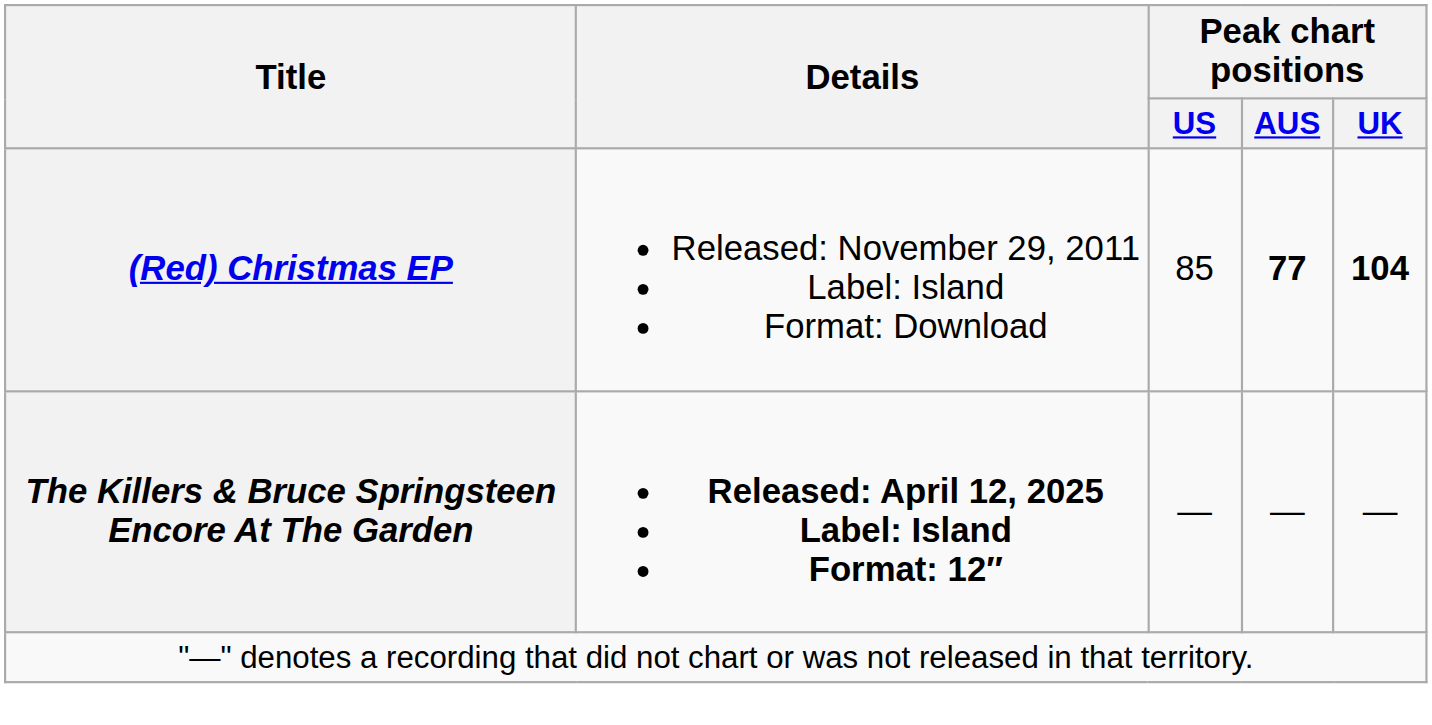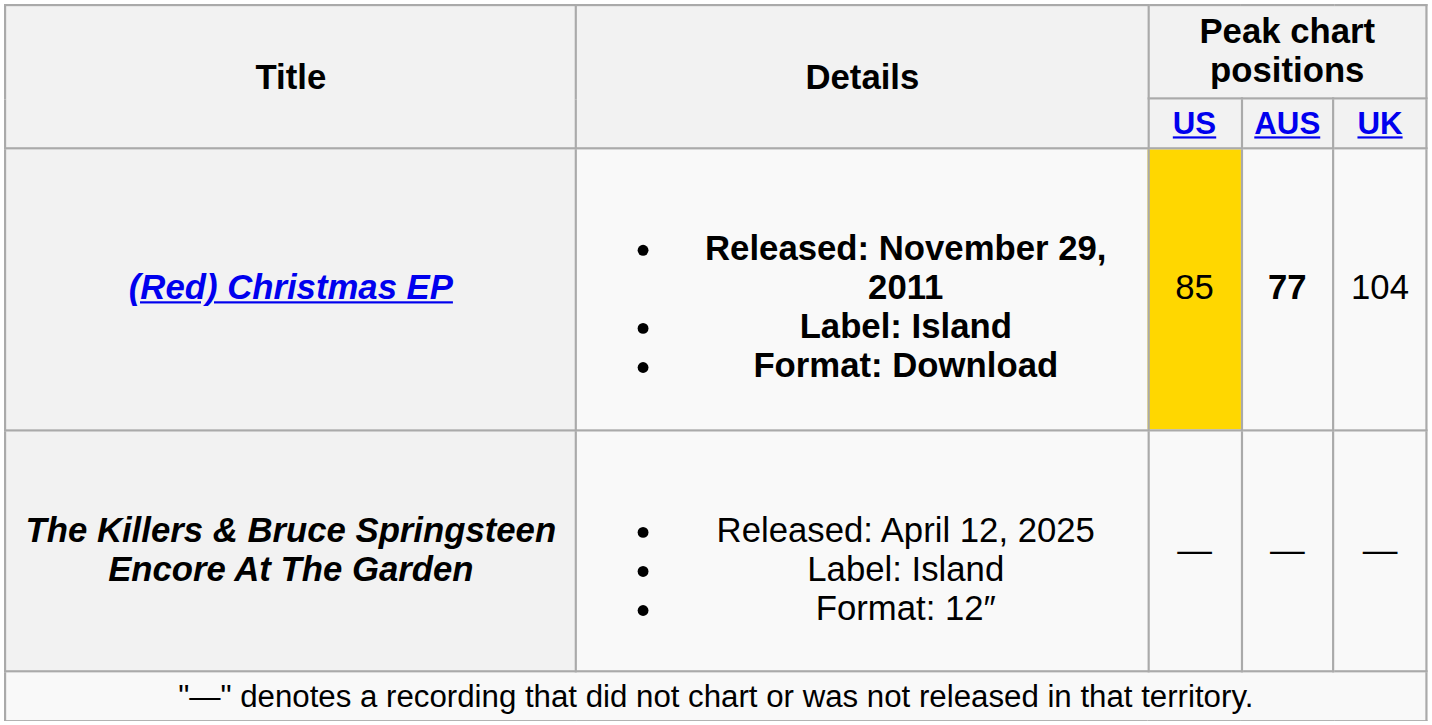 <table class="wikitable plainrowheaders" style="text-align:center;">
 <tr>
 <th scope="col" rowspan="2" style="width:16em;">Title</th>
 <th scope="col" rowspan="2" style="width:16em;">Details</th>
 <th scope="col" colspan="3">Peak chart positions</th>
 </tr>
 <tr>
 <th scope="col" style="width:2.5em;font-size:90%;"><a href='#'>US</a><br></th>
 <th scope="col" style="width:2.5em;font-size:90%;"><a href='#'>AUS</a><br></th>
 <th scope="col" style="width:2.5em;font-size:90%;"><a href='#'>UK</a><br></th>
 </tr>
 <tr>
 <th scope="row"><em><a href='#'>(Red) Christmas EP</a></em></th>
-<td><br><ul><li>Released: November 29, 2011</li><li>Label: Island</li><li>Format: Download</li></ul></td>
-<td>85</td>
+<td><strong><br><ul><li>Released: November 29, 2011</li><li>Label: Island</li><li>Format: Download</li></ul></strong></td>
+<td style="background: gold;">85</td>
 <td><strong>77</strong></td>
-<td><strong>104</strong></td>
+<td>104</td>
 </tr>
 <tr>
 <th scope="row"><em>The Killers & Bruce Springsteen Encore At The Garden</em><br></th>
-<td><strong><br><ul><li>Released: April 12, 2025</li><li>Label: Island</li><li>Format: 12″</li></ul></strong></td>
+<td><br><ul><li>Released: April 12, 2025</li><li>Label: Island</li><li>Format: 12″</li></ul></td>
 <td>—</td>
 <td>—</td>
 <td>—</td>
 </tr>
 <tr>
 <td colspan="14" style="font-size:90%">"—" denotes a recording that did not chart or was not released in that territory.</td>
 </tr>
 </table>
